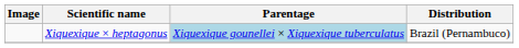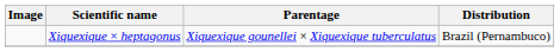 <table class="wikitable">
 <tr>
 <th>Image</th>
 <th>Scientific name</th>
 <th>Parentage</th>
 <th>Distribution</th>
 </tr>
 <tr>
 <td></td>
 <td><a href='#'><em>Xiquexique</em> × <em>heptagonus</em></a> </td>
-<td style="background: lightblue;"><em><a href='#'>Xiquexique gounellei</a></em> × <em><a href='#'>Xiquexique tuberculatus</a></em></td>
+<td><em><a href='#'>Xiquexique gounellei</a></em> × <em><a href='#'>Xiquexique tuberculatus</a></em></td>
 <td>Brazil (Pernambuco)</td>
 </tr>
 <tr>
 </tr>
 </table>
